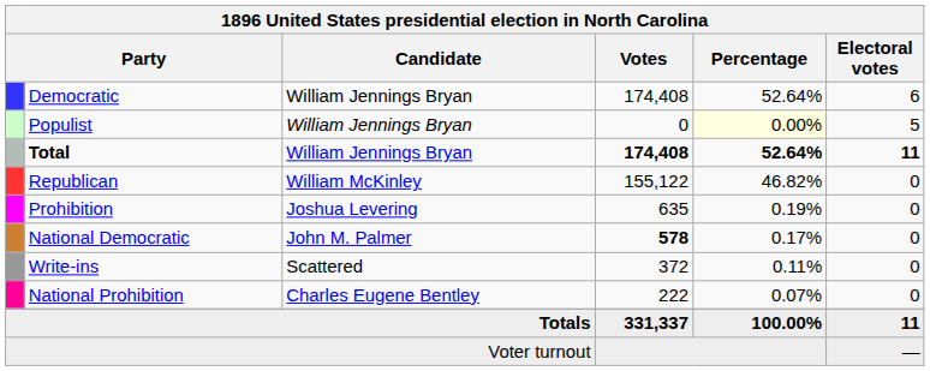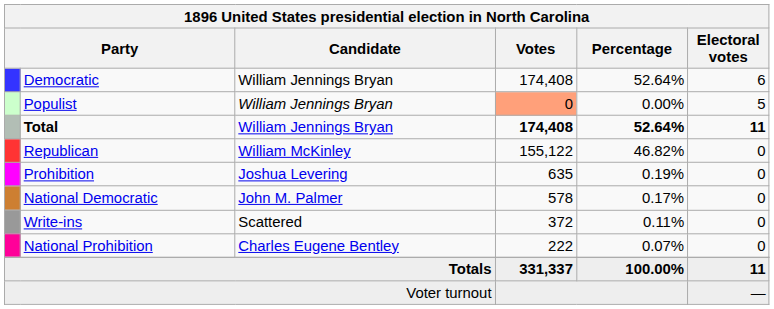 <table class="wikitable" style="font-size: 95%;">
 <tr>
 <th colspan="6">1896 United States presidential election in North Carolina</th>
 </tr>
 <tr>
 <th colspan="2" style="width: 15em">Party</th>
 <th style="width: 17em">Candidate</th>
 <th style="width: 5em">Votes</th>
 <th style="width: 7em">Percentage</th>
 <th style="width: 5em">Electoral votes</th>
 </tr>
 <tr>
 <th style="background-color:#3333FF; width: 3px"></th>
 <td style="width: 130px"><a href='#'>Democratic</a></td>
 <td>William Jennings Bryan</td>
 <td align="right">174,408</td>
 <td align="right">52.64%</td>
 <td align="right">6</td>
 </tr>
 <tr>
 <th style="background-color:#CCFFCC; width: 3px"></th>
 <td style="width: 130px"><a href='#'>Populist</a></td>
 <td><em>William Jennings Bryan</em></td>
-<td align="right">0</td>
-<td align="right" style="background: lightyellow;">0.00%</td>
+<td align="right" style="background: lightsalmon;">0</td>
+<td align="right">0.00%</td>
 <td align="right">5</td>
 </tr>
 <tr>
 <th style="background-color:#B2BEB5; width: 3px"></th>
 <td style="width: 130px"><strong> Total</strong></td>
 <td><a href='#'>William Jennings Bryan</a></td>
 <td align="right"><strong>174,408</strong></td>
 <td align="right"><strong>52.64%</strong></td>
 <td align="right"><strong>11</strong></td>
 </tr>
 <tr>
 <th style="background-color:#FF3333; width: 3px"></th>
 <td style="width: 130px"><a href='#'>Republican</a></td>
 <td><a href='#'>William McKinley</a></td>
 <td align="right">155,122</td>
 <td align="right">46.82%</td>
 <td align="right">0</td>
 </tr>
 <tr>
 <th style="background-color:#FF00FF; width: 3px"></th>
 <td style="width: 130px"><a href='#'>Prohibition</a></td>
 <td><a href='#'>Joshua Levering</a></td>
 <td align="right">635</td>
 <td align="right">0.19%</td>
 <td align="right">0</td>
 </tr>
 <tr>
 <th style="background-color:#CD7F32; width: 3px"></th>
 <td style="width: 130px"><a href='#'>National Democratic</a></td>
 <td><a href='#'>John M. Palmer</a></td>
-<td align="right"><strong>578</strong></td>
+<td align="right">578</td>
 <td align="right">0.17%</td>
 <td align="right">0</td>
 </tr>
 <tr>
 <th style="background-color:#999; width: 3px"></th>
 <td style="width: 130px"><a href='#'>Write-ins</a></td>
 <td>Scattered</td>
 <td align="right">372</td>
 <td align="right">0.11%</td>
 <td align="right">0</td>
 </tr>
 <tr>
 <th style="background-color:#f09; width: 3px"></th>
 <td style="width: 130px"><a href='#'>National Prohibition</a></td>
 <td><a href='#'>Charles Eugene Bentley</a></td>
 <td align="right">222</td>
 <td align="right">0.07%</td>
 <td align="right">0</td>
 </tr>
 <tr>
 </tr>
 <tr bgcolor="#EEEEEE">
 <td colspan="3" align="right"><strong>Totals</strong></td>
 <td align="right"><strong>331,337</strong></td>
 <td align="right"><strong>100.00%</strong></td>
 <td align="right"><strong>11</strong></td>
 </tr>
 <tr bgcolor="#EEEEEE">
 <td colspan="3" align="right">Voter turnout</td>
 <td colspan="2" align="right"></td>
 <td align="right">—</td>
 </tr>
 </table>
